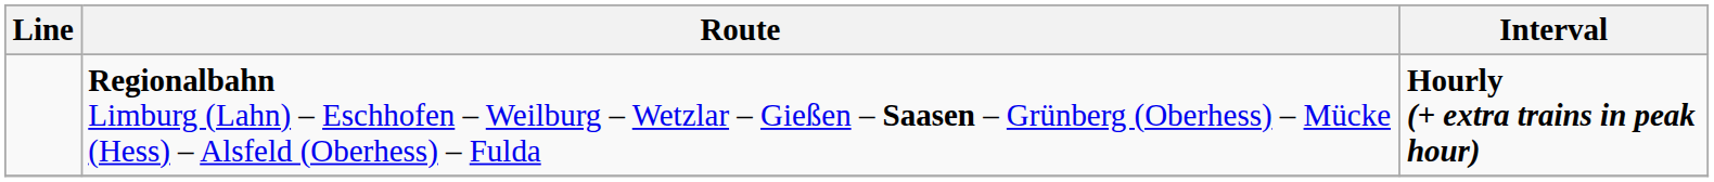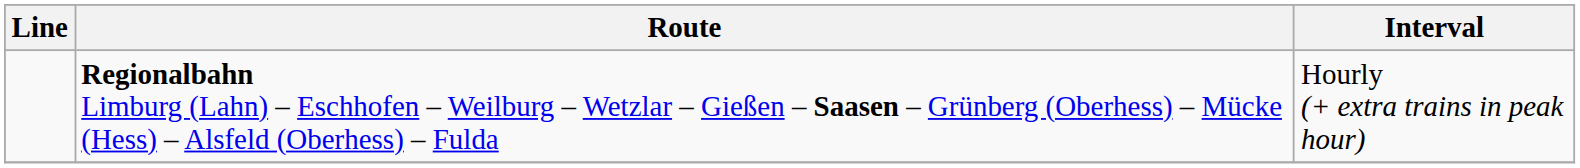 <table class="wikitable">
 <tr>
 <th>Line</th>
 <th>Route</th>
 <th>Interval</th>
 </tr>
 <tr>
 <td></td>
 <td><strong>Regionalbahn</strong><br><a href='#'>Limburg (Lahn)</a> – <a href='#'>Eschhofen</a> – <a href='#'>Weilburg</a> – <a href='#'>Wetzlar</a> – <a href='#'>Gießen</a> – <strong>Saasen</strong> – <a href='#'>Grünberg (Oberhess)</a> – <a href='#'>Mücke (Hess)</a> – <a href='#'>Alsfeld (Oberhess)</a> – <a href='#'>Fulda</a></td>
-<td><strong>Hourly<br> <em>(+ extra trains in peak hour)</em></strong></td>
+<td>Hourly<br> <em>(+ extra trains in peak hour)</em></td>
 </tr>
 <tr>
 </tr>
 </table>
